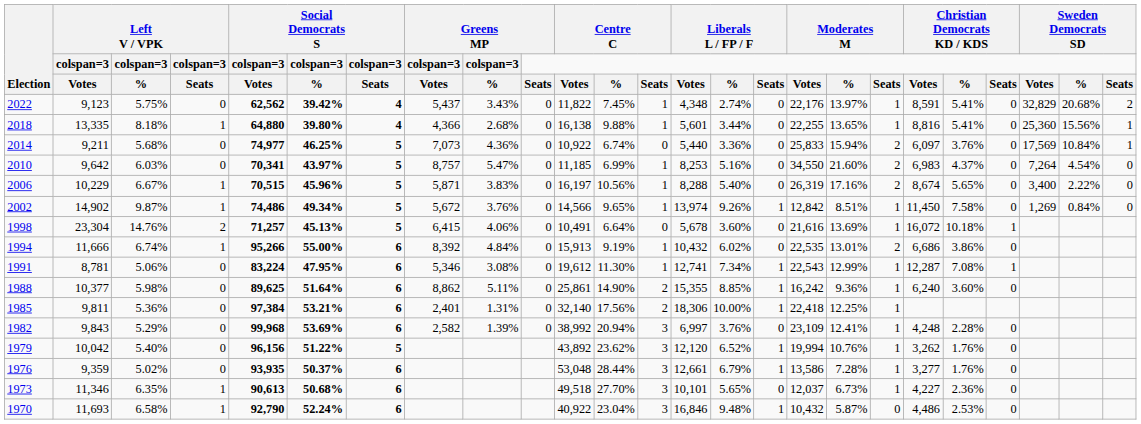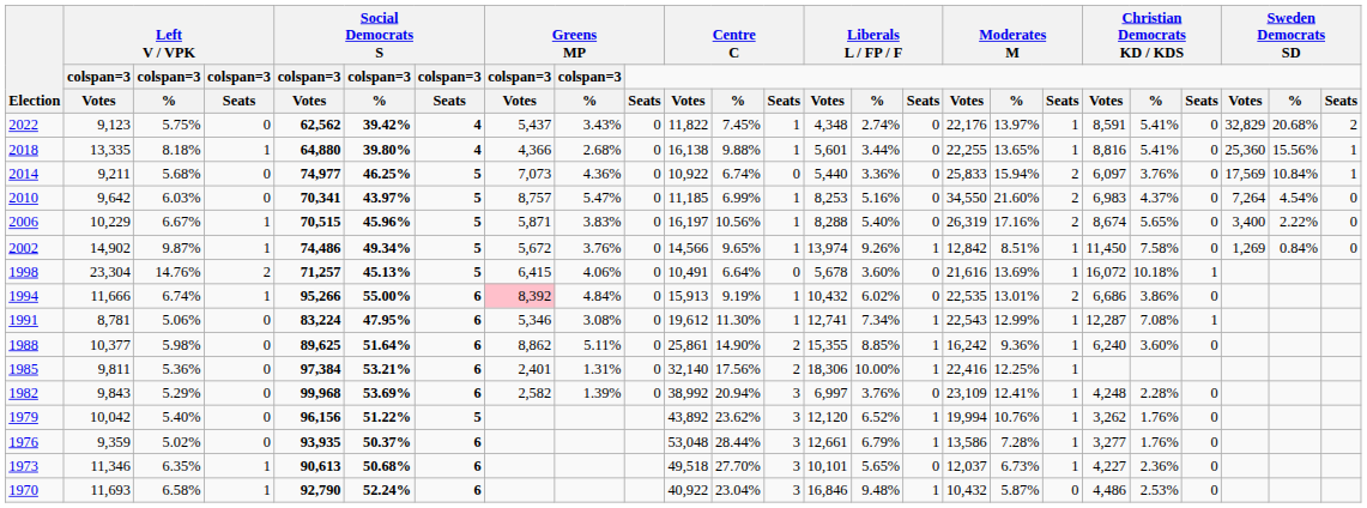 <table class="wikitable" border="1" style="font-size:95%; text-align:right;">
 <tr>
 <th style="text-align:left;" valign=bottom rowspan=3>Election</th>
 <th valign=bottom colspan=3><a href='#'>Left</a><br>V / VPK</th>
 <th valign=bottom colspan=3><a href='#'>Social<br>Democrats</a><br>S</th>
 <th valign=bottom colspan=3><a href='#'>Greens</a><br>MP</th>
 <th valign=bottom colspan=3><a href='#'>Centre</a><br>C</th>
 <th valign=bottom colspan=3><a href='#'>Liberals</a><br>L / FP / F</th>
 <th valign=bottom colspan=3><a href='#'>Moderates</a><br>M</th>
 <th valign=bottom colspan=3><a href='#'>Christian<br>Democrats</a><br>KD / KDS</th>
 <th valign=bottom colspan=3><a href='#'>Sweden<br>Democrats</a><br>SD</th>
 </tr>
 <tr>
 <th>colspan=3 </th>
 <th>colspan=3 </th>
 <th>colspan=3 </th>
 <th>colspan=3 </th>
 <th>colspan=3 </th>
 <th>colspan=3 </th>
 <th>colspan=3 </th>
 <th>colspan=3 </th>
 </tr>
 <tr>
 <th>Votes</th>
 <th>%</th>
 <th>Seats</th>
 <th>Votes</th>
 <th>%</th>
 <th>Seats</th>
 <th>Votes</th>
 <th>%</th>
 <th>Seats</th>
 <th>Votes</th>
 <th>%</th>
 <th>Seats</th>
 <th>Votes</th>
 <th>%</th>
 <th>Seats</th>
 <th>Votes</th>
 <th>%</th>
 <th>Seats</th>
 <th>Votes</th>
 <th>%</th>
 <th>Seats</th>
 <th>Votes</th>
 <th>%</th>
 <th>Seats</th>
 </tr>
 <tr>
 <td align=left><a href='#'>2022</a></td>
 <td>9,123</td>
 <td>5.75%</td>
 <td>0</td>
 <td><strong>62,562</strong></td>
 <td><strong>39.42%</strong></td>
 <td><strong>4</strong></td>
 <td>5,437</td>
 <td>3.43%</td>
 <td>0</td>
 <td>11,822</td>
 <td>7.45%</td>
 <td>1</td>
 <td>4,348</td>
 <td>2.74%</td>
 <td>0</td>
 <td>22,176</td>
 <td>13.97%</td>
 <td>1</td>
 <td>8,591</td>
 <td>5.41%</td>
 <td>0</td>
 <td>32,829</td>
 <td>20.68%</td>
 <td>2</td>
 </tr>
 <tr>
 <td align=left><a href='#'>2018</a></td>
 <td>13,335</td>
 <td>8.18%</td>
 <td>1</td>
 <td><strong>64,880</strong></td>
 <td><strong>39.80%</strong></td>
 <td><strong>4</strong></td>
 <td>4,366</td>
 <td>2.68%</td>
 <td>0</td>
 <td>16,138</td>
 <td>9.88%</td>
 <td>1</td>
 <td>5,601</td>
 <td>3.44%</td>
 <td>0</td>
 <td>22,255</td>
 <td>13.65%</td>
 <td>1</td>
 <td>8,816</td>
 <td>5.41%</td>
 <td>0</td>
 <td>25,360</td>
 <td>15.56%</td>
 <td>1</td>
 </tr>
 <tr>
 <td align=left><a href='#'>2014</a></td>
 <td>9,211</td>
 <td>5.68%</td>
 <td>0</td>
 <td><strong>74,977</strong></td>
 <td><strong>46.25%</strong></td>
 <td><strong>5</strong></td>
 <td>7,073</td>
 <td>4.36%</td>
 <td>0</td>
 <td>10,922</td>
 <td>6.74%</td>
 <td>0</td>
 <td>5,440</td>
 <td>3.36%</td>
 <td>0</td>
 <td>25,833</td>
 <td>15.94%</td>
 <td>2</td>
 <td>6,097</td>
 <td>3.76%</td>
 <td>0</td>
 <td>17,569</td>
 <td>10.84%</td>
 <td>1</td>
 </tr>
 <tr>
 <td align=left><a href='#'>2010</a></td>
 <td>9,642</td>
 <td>6.03%</td>
 <td>0</td>
 <td><strong>70,341</strong></td>
 <td><strong>43.97%</strong></td>
 <td><strong>5</strong></td>
 <td>8,757</td>
 <td>5.47%</td>
 <td>0</td>
 <td>11,185</td>
 <td>6.99%</td>
 <td>1</td>
 <td>8,253</td>
 <td>5.16%</td>
 <td>0</td>
 <td>34,550</td>
 <td>21.60%</td>
 <td>2</td>
 <td>6,983</td>
 <td>4.37%</td>
 <td>0</td>
 <td>7,264</td>
 <td>4.54%</td>
 <td>0</td>
 </tr>
 <tr>
 <td align=left><a href='#'>2006</a></td>
 <td>10,229</td>
 <td>6.67%</td>
 <td>1</td>
 <td><strong>70,515</strong></td>
 <td><strong>45.96%</strong></td>
 <td><strong>5</strong></td>
 <td>5,871</td>
 <td>3.83%</td>
 <td>0</td>
 <td>16,197</td>
 <td>10.56%</td>
 <td>1</td>
 <td>8,288</td>
 <td>5.40%</td>
 <td>0</td>
 <td>26,319</td>
 <td>17.16%</td>
 <td>2</td>
 <td>8,674</td>
 <td>5.65%</td>
 <td>0</td>
 <td>3,400</td>
 <td>2.22%</td>
 <td>0</td>
 </tr>
 <tr>
 <td align=left><a href='#'>2002</a></td>
 <td>14,902</td>
 <td>9.87%</td>
 <td>1</td>
 <td><strong>74,486</strong></td>
 <td><strong>49.34%</strong></td>
 <td><strong>5</strong></td>
 <td>5,672</td>
 <td>3.76%</td>
 <td>0</td>
 <td>14,566</td>
 <td>9.65%</td>
 <td>1</td>
 <td>13,974</td>
 <td>9.26%</td>
 <td>1</td>
 <td>12,842</td>
 <td>8.51%</td>
 <td>1</td>
 <td>11,450</td>
 <td>7.58%</td>
 <td>0</td>
 <td>1,269</td>
 <td>0.84%</td>
 <td>0</td>
 </tr>
 <tr>
 <td align=left><a href='#'>1998</a></td>
 <td>23,304</td>
 <td>14.76%</td>
 <td>2</td>
 <td><strong>71,257</strong></td>
 <td><strong>45.13%</strong></td>
 <td><strong>5</strong></td>
 <td>6,415</td>
 <td>4.06%</td>
 <td>0</td>
 <td>10,491</td>
 <td>6.64%</td>
 <td>0</td>
 <td>5,678</td>
 <td>3.60%</td>
 <td>0</td>
 <td>21,616</td>
 <td>13.69%</td>
 <td>1</td>
 <td>16,072</td>
 <td>10.18%</td>
 <td>1</td>
 <td></td>
 <td></td>
 <td></td>
 </tr>
 <tr>
 <td align=left><a href='#'>1994</a></td>
 <td>11,666</td>
 <td>6.74%</td>
 <td>1</td>
 <td><strong>95,266</strong></td>
 <td><strong>55.00%</strong></td>
 <td><strong>6</strong></td>
-<td>8,392</td>
+<td style="background: pink;">8,392</td>
 <td>4.84%</td>
 <td>0</td>
 <td>15,913</td>
 <td>9.19%</td>
 <td>1</td>
 <td>10,432</td>
 <td>6.02%</td>
 <td>0</td>
 <td>22,535</td>
 <td>13.01%</td>
 <td>2</td>
 <td>6,686</td>
 <td>3.86%</td>
 <td>0</td>
 <td></td>
 <td></td>
 <td></td>
 </tr>
 <tr>
 <td align=left><a href='#'>1991</a></td>
 <td>8,781</td>
 <td>5.06%</td>
 <td>0</td>
 <td><strong>83,224</strong></td>
 <td><strong>47.95%</strong></td>
 <td><strong>6</strong></td>
 <td>5,346</td>
 <td>3.08%</td>
 <td>0</td>
 <td>19,612</td>
 <td>11.30%</td>
 <td>1</td>
 <td>12,741</td>
 <td>7.34%</td>
 <td>1</td>
 <td>22,543</td>
 <td>12.99%</td>
 <td>1</td>
 <td>12,287</td>
 <td>7.08%</td>
 <td>1</td>
 <td></td>
 <td></td>
 <td></td>
 </tr>
 <tr>
 <td align=left><a href='#'>1988</a></td>
 <td>10,377</td>
 <td>5.98%</td>
 <td>0</td>
 <td><strong>89,625</strong></td>
 <td><strong>51.64%</strong></td>
 <td><strong>6</strong></td>
 <td>8,862</td>
 <td>5.11%</td>
 <td>0</td>
 <td>25,861</td>
 <td>14.90%</td>
 <td>2</td>
 <td>15,355</td>
 <td>8.85%</td>
 <td>1</td>
 <td>16,242</td>
 <td>9.36%</td>
 <td>1</td>
 <td>6,240</td>
 <td>3.60%</td>
 <td>0</td>
 <td></td>
 <td></td>
 <td></td>
 </tr>
 <tr>
 <td align=left><a href='#'>1985</a></td>
 <td>9,811</td>
 <td>5.36%</td>
 <td>0</td>
 <td><strong>97,384</strong></td>
 <td><strong>53.21%</strong></td>
 <td><strong>6</strong></td>
 <td>2,401</td>
 <td>1.31%</td>
 <td>0</td>
 <td>32,140</td>
 <td>17.56%</td>
 <td>2</td>
 <td>18,306</td>
 <td>10.00%</td>
 <td>1</td>
-<td>22,418</td>
+<td>22,416</td>
 <td>12.25%</td>
 <td>1</td>
 <td></td>
 <td></td>
 <td></td>
 <td></td>
 <td></td>
 <td></td>
 </tr>
 <tr>
 <td align=left><a href='#'>1982</a></td>
 <td>9,843</td>
 <td>5.29%</td>
 <td>0</td>
 <td><strong>99,968</strong></td>
 <td><strong>53.69%</strong></td>
 <td><strong>6</strong></td>
 <td>2,582</td>
 <td>1.39%</td>
 <td>0</td>
 <td>38,992</td>
 <td>20.94%</td>
 <td>3</td>
 <td>6,997</td>
 <td>3.76%</td>
 <td>0</td>
 <td>23,109</td>
 <td>12.41%</td>
 <td>1</td>
 <td>4,248</td>
 <td>2.28%</td>
 <td>0</td>
 <td></td>
 <td></td>
 <td></td>
 </tr>
 <tr>
 <td align=left><a href='#'>1979</a></td>
 <td>10,042</td>
 <td>5.40%</td>
 <td>0</td>
 <td><strong>96,156</strong></td>
 <td><strong>51.22%</strong></td>
 <td><strong>5</strong></td>
 <td></td>
 <td></td>
 <td></td>
 <td>43,892</td>
 <td>23.62%</td>
 <td>3</td>
 <td>12,120</td>
 <td>6.52%</td>
 <td>1</td>
 <td>19,994</td>
 <td>10.76%</td>
 <td>1</td>
 <td>3,262</td>
 <td>1.76%</td>
 <td>0</td>
 <td></td>
 <td></td>
 <td></td>
 </tr>
 <tr>
 <td align=left><a href='#'>1976</a></td>
 <td>9,359</td>
 <td>5.02%</td>
 <td>0</td>
 <td><strong>93,935</strong></td>
 <td><strong>50.37%</strong></td>
 <td><strong>6</strong></td>
 <td></td>
 <td></td>
 <td></td>
 <td>53,048</td>
 <td>28.44%</td>
 <td>3</td>
 <td>12,661</td>
 <td>6.79%</td>
 <td>1</td>
 <td>13,586</td>
 <td>7.28%</td>
 <td>1</td>
 <td>3,277</td>
 <td>1.76%</td>
 <td>0</td>
 <td></td>
 <td></td>
 <td></td>
 </tr>
 <tr>
 <td align=left><a href='#'>1973</a></td>
 <td>11,346</td>
 <td>6.35%</td>
 <td>1</td>
 <td><strong>90,613</strong></td>
 <td><strong>50.68%</strong></td>
 <td><strong>6</strong></td>
 <td></td>
 <td></td>
 <td></td>
 <td>49,518</td>
 <td>27.70%</td>
 <td>3</td>
 <td>10,101</td>
 <td>5.65%</td>
 <td>0</td>
 <td>12,037</td>
 <td>6.73%</td>
 <td>1</td>
 <td>4,227</td>
 <td>2.36%</td>
 <td>0</td>
 <td></td>
 <td></td>
 <td></td>
 </tr>
 <tr>
 <td align=left><a href='#'>1970</a></td>
 <td>11,693</td>
 <td>6.58%</td>
 <td>1</td>
 <td><strong>92,790</strong></td>
 <td><strong>52.24%</strong></td>
 <td><strong>6</strong></td>
 <td></td>
 <td></td>
 <td></td>
 <td>40,922</td>
 <td>23.04%</td>
 <td>3</td>
 <td>16,846</td>
 <td>9.48%</td>
 <td>1</td>
 <td>10,432</td>
 <td>5.87%</td>
 <td>0</td>
 <td>4,486</td>
 <td>2.53%</td>
 <td>0</td>
 <td></td>
 <td></td>
 <td></td>
 </tr>
 </table>
